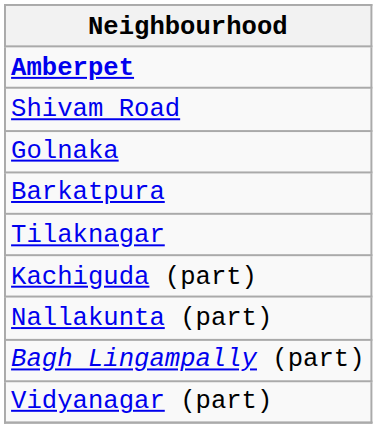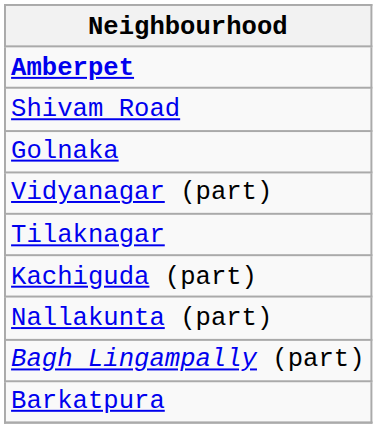 <table class="wikitable sortable static-row-numbers static-row-header-hash">
 <tr>
 <th>Neighbourhood</th>
 </tr>
 <tr>
 <td><strong><a href='#'>Amberpet</a></strong></td>
 </tr>
 <tr>
 <td><a href='#'>Shivam Road</a></td>
 </tr>
 <tr>
 <td><a href='#'>Golnaka</a></td>
 </tr>
 <tr>
-<td><a href='#'>Barkatpura</a></td>
+<td><a href='#'>Vidyanagar</a> (part)</td>
 </tr>
 <tr>
 <td><a href='#'>Tilaknagar</a></td>
 </tr>
 <tr>
 <td><a href='#'>Kachiguda</a> (part)</td>
 </tr>
 <tr>
 <td><a href='#'>Nallakunta</a>  (part)</td>
 </tr>
 <tr>
 <td><em><a href='#'>Bagh Lingampally</a></em> (part)</td>
 </tr>
 <tr>
-<td><a href='#'>Vidyanagar</a> (part)</td>
+<td><a href='#'>Barkatpura</a></td>
 </tr>
 <tr>
 </tr>
 </table>
